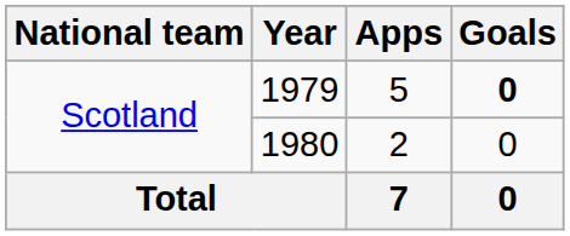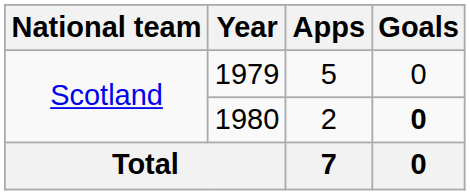 <table class=wikitable style="text-align: center">
 <tr>
 <th>National team</th>
 <th>Year</th>
 <th>Apps</th>
 <th>Goals</th>
 </tr>
 <tr>
 <td rowspan=2><a href='#'>Scotland</a></td>
 <td>1979</td>
 <td>5</td>
-<td><strong>0</strong></td>
+<td>0</td>
 </tr>
 <tr>
 <td>1980</td>
 <td>2</td>
-<td>0</td>
+<td><strong>0</strong></td>
 </tr>
 <tr>
 <th colspan=2>Total</th>
 <th>7</th>
 <th>0</th>
 </tr>
 </table>
